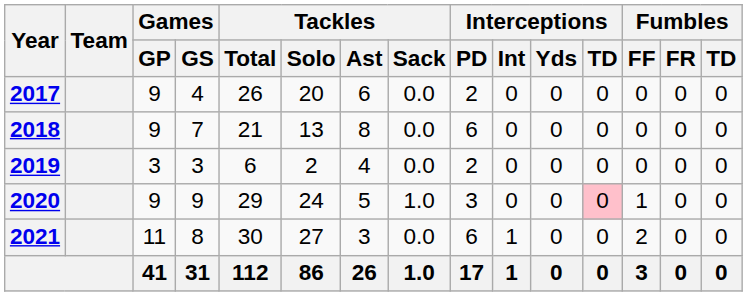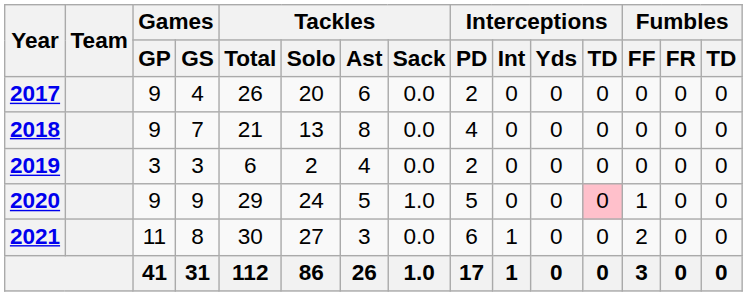 <table class="wikitable" style="text-align:center;">
 <tr>
 <th rowspan="2">Year</th>
 <th rowspan="2">Team</th>
 <th colspan="2">Games</th>
 <th colspan="4">Tackles</th>
 <th colspan="4">Interceptions</th>
 <th colspan="3">Fumbles</th>
 </tr>
 <tr>
 <th>GP</th>
 <th>GS</th>
 <th>Total</th>
 <th>Solo</th>
 <th>Ast</th>
 <th>Sack</th>
 <th>PD</th>
 <th>Int</th>
 <th>Yds</th>
 <th>TD</th>
 <th>FF</th>
 <th>FR</th>
 <th>TD</th>
 </tr>
 <tr>
 <th><a href='#'>2017</a></th>
 <th><a href='#'></a></th>
 <td>9</td>
 <td>4</td>
 <td>26</td>
 <td>20</td>
 <td>6</td>
 <td>0.0</td>
 <td>2</td>
 <td>0</td>
 <td>0</td>
 <td>0</td>
 <td>0</td>
 <td>0</td>
 <td>0</td>
 </tr>
 <tr>
 <th><a href='#'>2018</a></th>
 <th><a href='#'></a></th>
 <td>9</td>
 <td>7</td>
 <td>21</td>
 <td>13</td>
 <td>8</td>
 <td>0.0</td>
-<td>6</td>
+<td>4</td>
 <td>0</td>
 <td>0</td>
 <td>0</td>
 <td>0</td>
 <td>0</td>
 <td>0</td>
 </tr>
 <tr>
 <th><a href='#'>2019</a></th>
 <th><a href='#'></a></th>
 <td>3</td>
 <td>3</td>
 <td>6</td>
 <td>2</td>
 <td>4</td>
 <td>0.0</td>
 <td>2</td>
 <td>0</td>
 <td>0</td>
 <td>0</td>
 <td>0</td>
 <td>0</td>
 <td>0</td>
 </tr>
 <tr>
 <th><a href='#'>2020</a></th>
 <th><a href='#'></a></th>
 <td>9</td>
 <td>9</td>
 <td>29</td>
 <td>24</td>
 <td>5</td>
 <td>1.0</td>
-<td>3</td>
+<td>5</td>
 <td>0</td>
 <td>0</td>
 <td style="background: pink;">0</td>
 <td>1</td>
 <td>0</td>
 <td>0</td>
 </tr>
 <tr>
 <th><a href='#'>2021</a></th>
 <th><a href='#'></a></th>
 <td>11</td>
 <td>8</td>
 <td>30</td>
 <td>27</td>
 <td>3</td>
 <td>0.0</td>
 <td>6</td>
 <td>1</td>
 <td>0</td>
 <td>0</td>
 <td>2</td>
 <td>0</td>
 <td>0</td>
 </tr>
 <tr>
 <th align=center colspan="2"></th>
 <th>41</th>
 <th>31</th>
 <th>112</th>
 <th>86</th>
 <th>26</th>
 <th>1.0</th>
 <th>17</th>
 <th>1</th>
 <th>0</th>
 <th>0</th>
 <th>3</th>
 <th>0</th>
 <th>0</th>
 </tr>
 </table>
